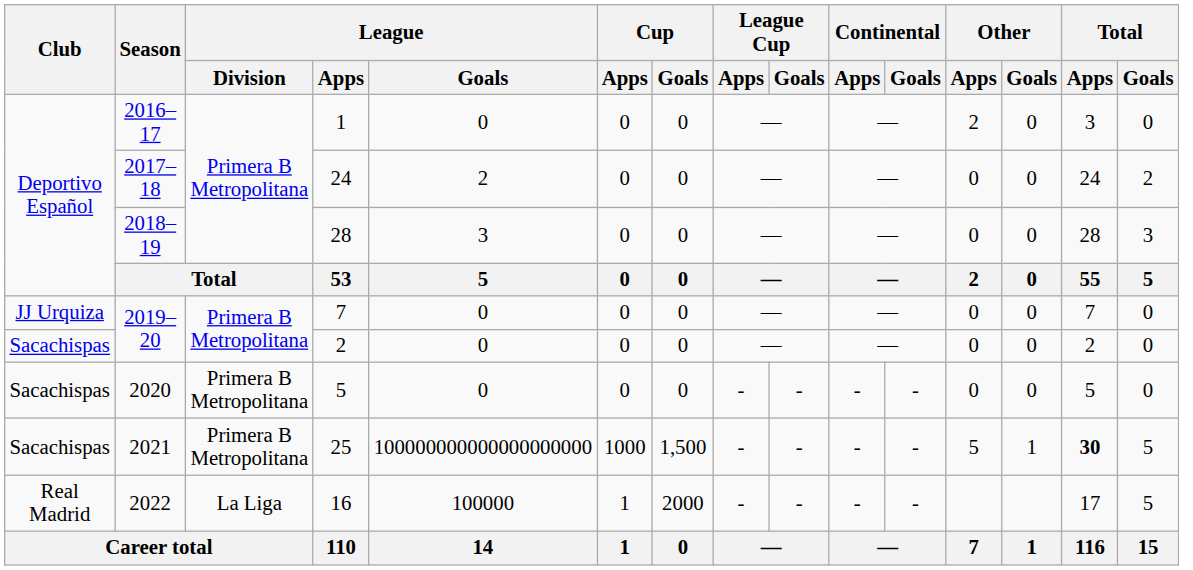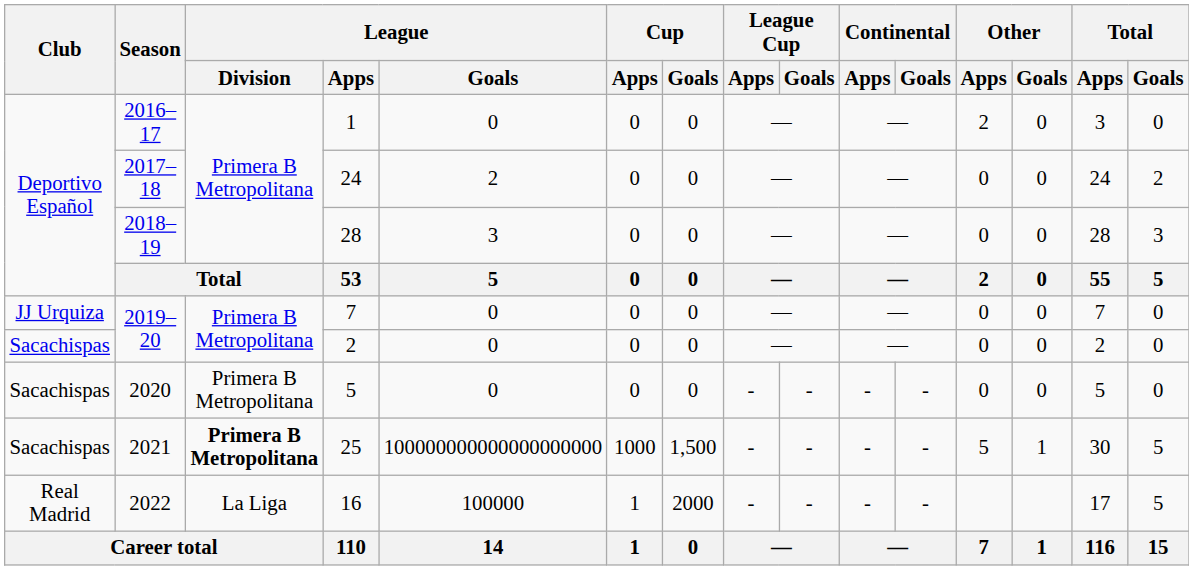 <table class="wikitable" style="text-align:center">
 <tr>
 <th rowspan="2">Club</th>
 <th rowspan="2">Season</th>
 <th colspan="3">League</th>
 <th colspan="2">Cup</th>
 <th colspan="2">League Cup</th>
 <th colspan="2">Continental</th>
 <th colspan="2">Other</th>
 <th colspan="2">Total</th>
 </tr>
 <tr>
 <th>Division</th>
 <th>Apps</th>
 <th>Goals</th>
 <th>Apps</th>
 <th>Goals</th>
 <th>Apps</th>
 <th>Goals</th>
 <th>Apps</th>
 <th>Goals</th>
 <th>Apps</th>
 <th>Goals</th>
 <th>Apps</th>
 <th>Goals</th>
 </tr>
 <tr>
 <td rowspan="4"><a href='#'>Deportivo Español</a></td>
 <td><a href='#'>2016–17</a></td>
 <td rowspan="3"><a href='#'>Primera B Metropolitana</a></td>
 <td>1</td>
 <td>0</td>
 <td>0</td>
 <td>0</td>
 <td colspan="2">—</td>
 <td colspan="2">—</td>
 <td>2</td>
 <td>0</td>
 <td>3</td>
 <td>0</td>
 </tr>
 <tr>
 <td><a href='#'>2017–18</a></td>
 <td>24</td>
 <td>2</td>
 <td>0</td>
 <td>0</td>
 <td colspan="2">—</td>
 <td colspan="2">—</td>
 <td>0</td>
 <td>0</td>
 <td>24</td>
 <td>2</td>
 </tr>
 <tr>
 <td><a href='#'>2018–19</a></td>
 <td>28</td>
 <td>3</td>
 <td>0</td>
 <td>0</td>
 <td colspan="2">—</td>
 <td colspan="2">—</td>
 <td>0</td>
 <td>0</td>
 <td>28</td>
 <td>3</td>
 </tr>
 <tr>
 <th colspan="2">Total</th>
 <th>53</th>
 <th>5</th>
 <th>0</th>
 <th>0</th>
 <th colspan="2">—</th>
 <th colspan="2">—</th>
 <th>2</th>
 <th>0</th>
 <th>55</th>
 <th>5</th>
 </tr>
 <tr>
 <td rowspan="1"><a href='#'>JJ Urquiza</a></td>
 <td rowspan="2"><a href='#'>2019–20</a></td>
 <td rowspan="2"><a href='#'>Primera B Metropolitana</a></td>
 <td>7</td>
 <td>0</td>
 <td>0</td>
 <td>0</td>
 <td colspan="2">—</td>
 <td colspan="2">—</td>
 <td>0</td>
 <td>0</td>
 <td>7</td>
 <td>0</td>
 </tr>
 <tr>
 <td rowspan="1"><a href='#'>Sacachispas</a></td>
 <td>2</td>
 <td>0</td>
 <td>0</td>
 <td>0</td>
 <td colspan="2">—</td>
 <td colspan="2">—</td>
 <td>0</td>
 <td>0</td>
 <td>2</td>
 <td>0</td>
 </tr>
 <tr>
 <td>Sacachispas</td>
 <td>2020</td>
 <td>Primera B Metropolitana</td>
 <td>5</td>
 <td>0</td>
 <td>0</td>
 <td>0</td>
 <td>-</td>
 <td>-</td>
 <td>-</td>
 <td>-</td>
 <td>0</td>
 <td>0</td>
 <td>5</td>
 <td>0</td>
 </tr>
 <tr>
 <td>Sacachispas</td>
 <td>2021</td>
-<td>Primera B Metropolitana</td>
+<td><strong>Primera B Metropolitana</strong></td>
 <td>25</td>
 <td>100000000000000000000</td>
 <td>1000</td>
 <td>1,500</td>
 <td>-</td>
 <td>-</td>
 <td>-</td>
 <td>-</td>
 <td>5</td>
 <td>1</td>
-<td><strong>30</strong></td>
+<td>30</td>
 <td>5</td>
 </tr>
 <tr>
 <td>Real Madrid</td>
 <td>2022</td>
 <td>La Liga</td>
 <td>16</td>
 <td>100000</td>
 <td>1</td>
 <td>2000</td>
 <td>-</td>
 <td>-</td>
 <td>-</td>
 <td>-</td>
 <td></td>
 <td></td>
 <td>17</td>
 <td>5</td>
 </tr>
 <tr>
 <th colspan="3">Career total</th>
 <th>110</th>
 <th>14</th>
 <th>1</th>
 <th>0</th>
 <th colspan="2">—</th>
 <th colspan="2">—</th>
 <th>7</th>
 <th>1</th>
 <th>116</th>
 <th>15</th>
 </tr>
 </table>
